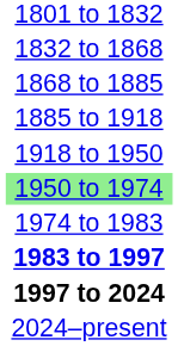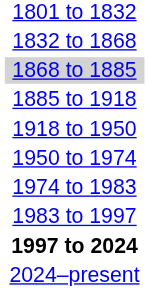 <table id=toc style="float:right; margin-left:1em">
 <tr>
 <td style="text-align:center"><a href='#'>1801 to 1832</a></td>
 </tr>
 <tr>
 <td style="text-align:center"><a href='#'>1832 to 1868</a></td>
 </tr>
 <tr>
-<td style="text-align:center"><a href='#'>1868 to 1885</a></td>
+<td style="background: lightgrey; text-align:center"><a href='#'>1868 to 1885</a></td>
 </tr>
 <tr>
 <td style="text-align:center"><a href='#'>1885 to 1918</a></td>
 </tr>
 <tr>
 <td style="text-align:center"><a href='#'>1918 to 1950</a></td>
 </tr>
 <tr>
-<td style="background: lightgreen; text-align:center"><a href='#'>1950 to 1974</a></td>
+<td style="text-align:center"><a href='#'>1950 to 1974</a></td>
 </tr>
 <tr>
 <td style="text-align:center"><a href='#'>1974 to 1983</a></td>
 </tr>
 <tr>
-<td style="text-align:center"><strong><a href='#'>1983 to 1997</a></strong></td>
+<td style="text-align:center"><a href='#'>1983 to 1997</a></td>
 </tr>
 <tr>
 <td style="text-align:center; padding-left:5px; padding-right:5px;"><strong>1997 to 2024</strong></td>
 </tr>
 <tr>
 <td style="text-align:center;"><a href='#'>2024–present</a></td>
 </tr>
 </table>
